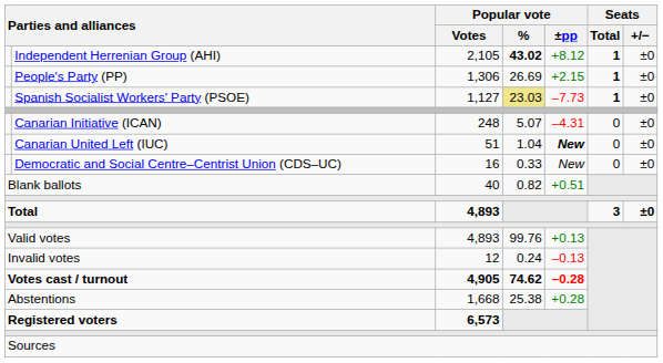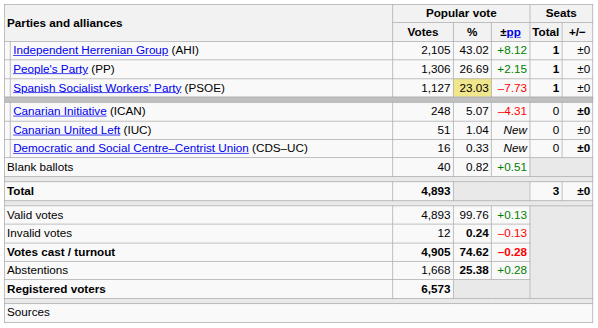 <table class="wikitable" style="text-align:right;">
 <tr>
 <th style="text-align:left;" rowspan="2" colspan="2" width="525">Parties and alliances</th>
 <th colspan="3">Popular vote</th>
 <th colspan="2">Seats</th>
 </tr>
 <tr>
 <th width="75">Votes</th>
 <th width="45">%</th>
 <th width="45">±<a href='#'>pp</a></th>
 <th width="35">Total</th>
 <th width="35">+/−</th>
 </tr>
 <tr>
 <td width="1" style="color:inherit;background:"></td>
 <td align="left"><a href='#'>Independent Herrenian Group</a> (AHI)</td>
 <td>2,105</td>
-<td><strong>43.02</strong></td>
+<td>43.02</td>
 <td style="color:green;">+8.12</td>
 <td><strong>1</strong></td>
 <td>±0</td>
 </tr>
 <tr>
 <td style="color:inherit;background:"></td>
 <td align="left"><a href='#'>People's Party</a> (PP)</td>
 <td>1,306</td>
 <td>26.69</td>
 <td style="color:green;">+2.15</td>
 <td><strong>1</strong></td>
 <td>±0</td>
 </tr>
 <tr>
 <td style="color:inherit;background:"></td>
 <td align="left"><a href='#'>Spanish Socialist Workers' Party</a> (PSOE)</td>
 <td>1,127</td>
 <td style="background: khaki;">23.03</td>
 <td style="color:red;">–7.73</td>
 <td><strong>1</strong></td>
 <td>±0</td>
 </tr>
 <tr>
 <td colspan="7" bgcolor="#C0C0C0"></td>
 </tr>
 <tr>
 <td style="color:inherit;background:"></td>
 <td align="left"><a href='#'>Canarian Initiative</a> (ICAN)</td>
 <td>248</td>
 <td>5.07</td>
 <td style="color:red;">–4.31</td>
 <td>0</td>
-<td>±0</td>
+<td><strong>±0</strong></td>
 </tr>
 <tr>
 <td style="color:inherit;background:"></td>
 <td align="left"><a href='#'>Canarian United Left</a> (IUC)</td>
 <td>51</td>
 <td>1.04</td>
-<td><strong><em>New</em></strong></td>
+<td><em>New</em></td>
 <td>0</td>
 <td>±0</td>
 </tr>
 <tr>
 <td style="color:inherit;background:"></td>
 <td align="left"><a href='#'>Democratic and Social Centre–Centrist Union</a> (CDS–UC)</td>
 <td>16</td>
 <td>0.33</td>
 <td><em>New</em></td>
 <td>0</td>
-<td>±0</td>
+<td><strong>±0</strong></td>
 </tr>
 <tr>
 <td align="left" colspan="2">Blank ballots</td>
 <td>40</td>
 <td>0.82</td>
 <td style="color:green;">+0.51</td>
 <td bgcolor="#E9E9E9" colspan="2"></td>
 </tr>
 <tr>
 <td colspan="7" bgcolor="#E9E9E9"></td>
 </tr>
 <tr style="font-weight:bold;">
 <td align="left" colspan="2">Total</td>
 <td>4,893</td>
 <td bgcolor="#E9E9E9" colspan="2"></td>
 <td>3</td>
 <td>±0</td>
 </tr>
 <tr>
 <td colspan="7" bgcolor="#E9E9E9"></td>
 </tr>
 <tr>
 <td align="left" colspan="2">Valid votes</td>
 <td>4,893</td>
 <td>99.76</td>
 <td style="color:green;">+0.13</td>
 <td bgcolor="#E9E9E9" colspan="2" rowspan="5"></td>
 </tr>
 <tr>
 <td align="left" colspan="2">Invalid votes</td>
 <td>12</td>
-<td>0.24</td>
+<td><strong>0.24</strong></td>
 <td style="color:red;">–0.13</td>
 </tr>
 <tr style="font-weight:bold;">
 <td align="left" colspan="2">Votes cast / turnout</td>
 <td>4,905</td>
 <td>74.62</td>
 <td style="color:red;">–0.28</td>
 </tr>
 <tr>
 <td align="left" colspan="2">Abstentions</td>
 <td>1,668</td>
-<td>25.38</td>
+<td><strong>25.38</strong></td>
 <td style="color:green;">+0.28</td>
 </tr>
 <tr style="font-weight:bold;">
 <td align="left" colspan="2">Registered voters</td>
 <td>6,573</td>
 <td bgcolor="#E9E9E9" colspan="2"></td>
 </tr>
 <tr>
 <td colspan="7" bgcolor="#E9E9E9"></td>
 </tr>
 <tr>
 <td align="left" colspan="7">Sources</td>
 </tr>
 </table>
